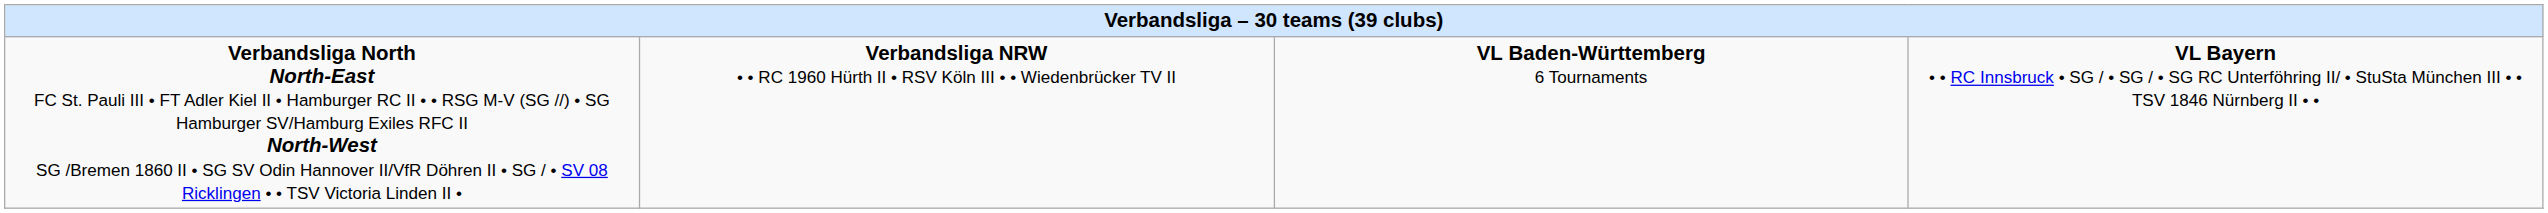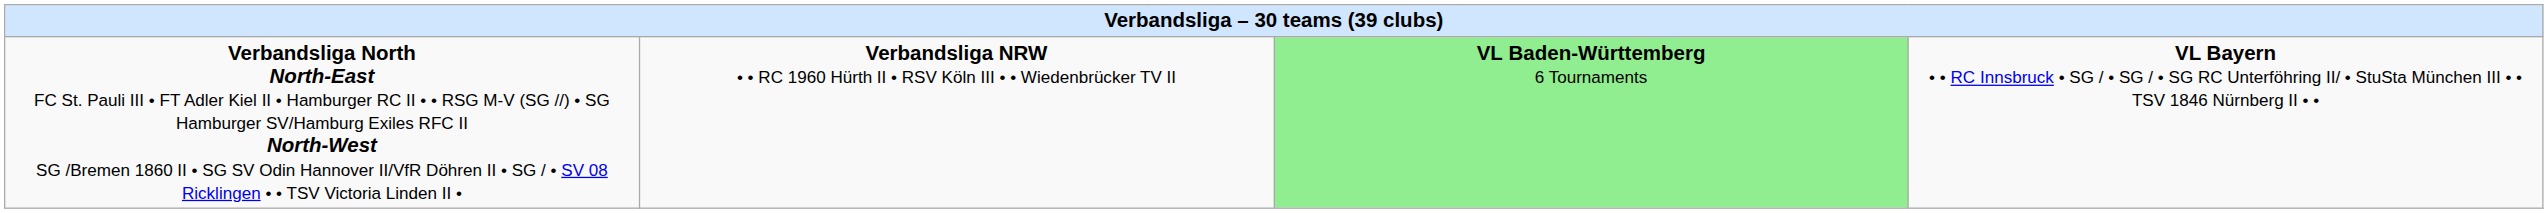 <table class="wikitable" style="border-collapse:collapse; text-align:center; width:100%;">
 <tr>
 <th style="width:95%; background: #D0E6FF;" colspan="4"><strong>Verbandsliga – 30 teams (39 clubs)</strong></th>
 </tr>
 <tr>
 <td style="width:25%; vertical-align: top;" colspan="1"><strong>Verbandsliga North</strong><br><strong><em>North-East</em></strong><br> <small>FC St. Pauli III • FT Adler Kiel II • Hamburger RC II •  • RSG M-V (SG //) • SG Hamburger SV/Hamburg Exiles RFC II</small><br> <strong><em>North-West</em></strong><br> <small>SG /Bremen 1860 II • SG SV Odin Hannover II/VfR Döhren II • SG / • <a href='#'>SV 08 Ricklingen</a> •  • TSV Victoria Linden II • </small></td>
 <td style="width:25%; vertical-align: top;" colspan="1"><strong>Verbandsliga NRW</strong><br><small> •  • RC 1960 Hürth II • RSV Köln III •  • Wiedenbrücker TV II</small></td>
-<td style="width:25%; vertical-align: top;" colspan="1"><strong>VL</strong> <strong>Baden-Württemberg</strong><br><small>6 Tournaments</small></td>
+<td style="background: lightgreen; width:25%; vertical-align: top;" colspan="1"><strong>VL</strong> <strong>Baden-Württemberg</strong><br><small>6 Tournaments</small></td>
 <td style="width:25%; vertical-align: top;" colspan="1"><strong>VL Bayern</strong><br><small> •  • <a href='#'>RC Innsbruck</a> • SG / • SG / • SG RC Unterföhring II/ • StuSta München III •  • TSV 1846 Nürnberg II •  • </small></td>
 </tr>
 </table>
